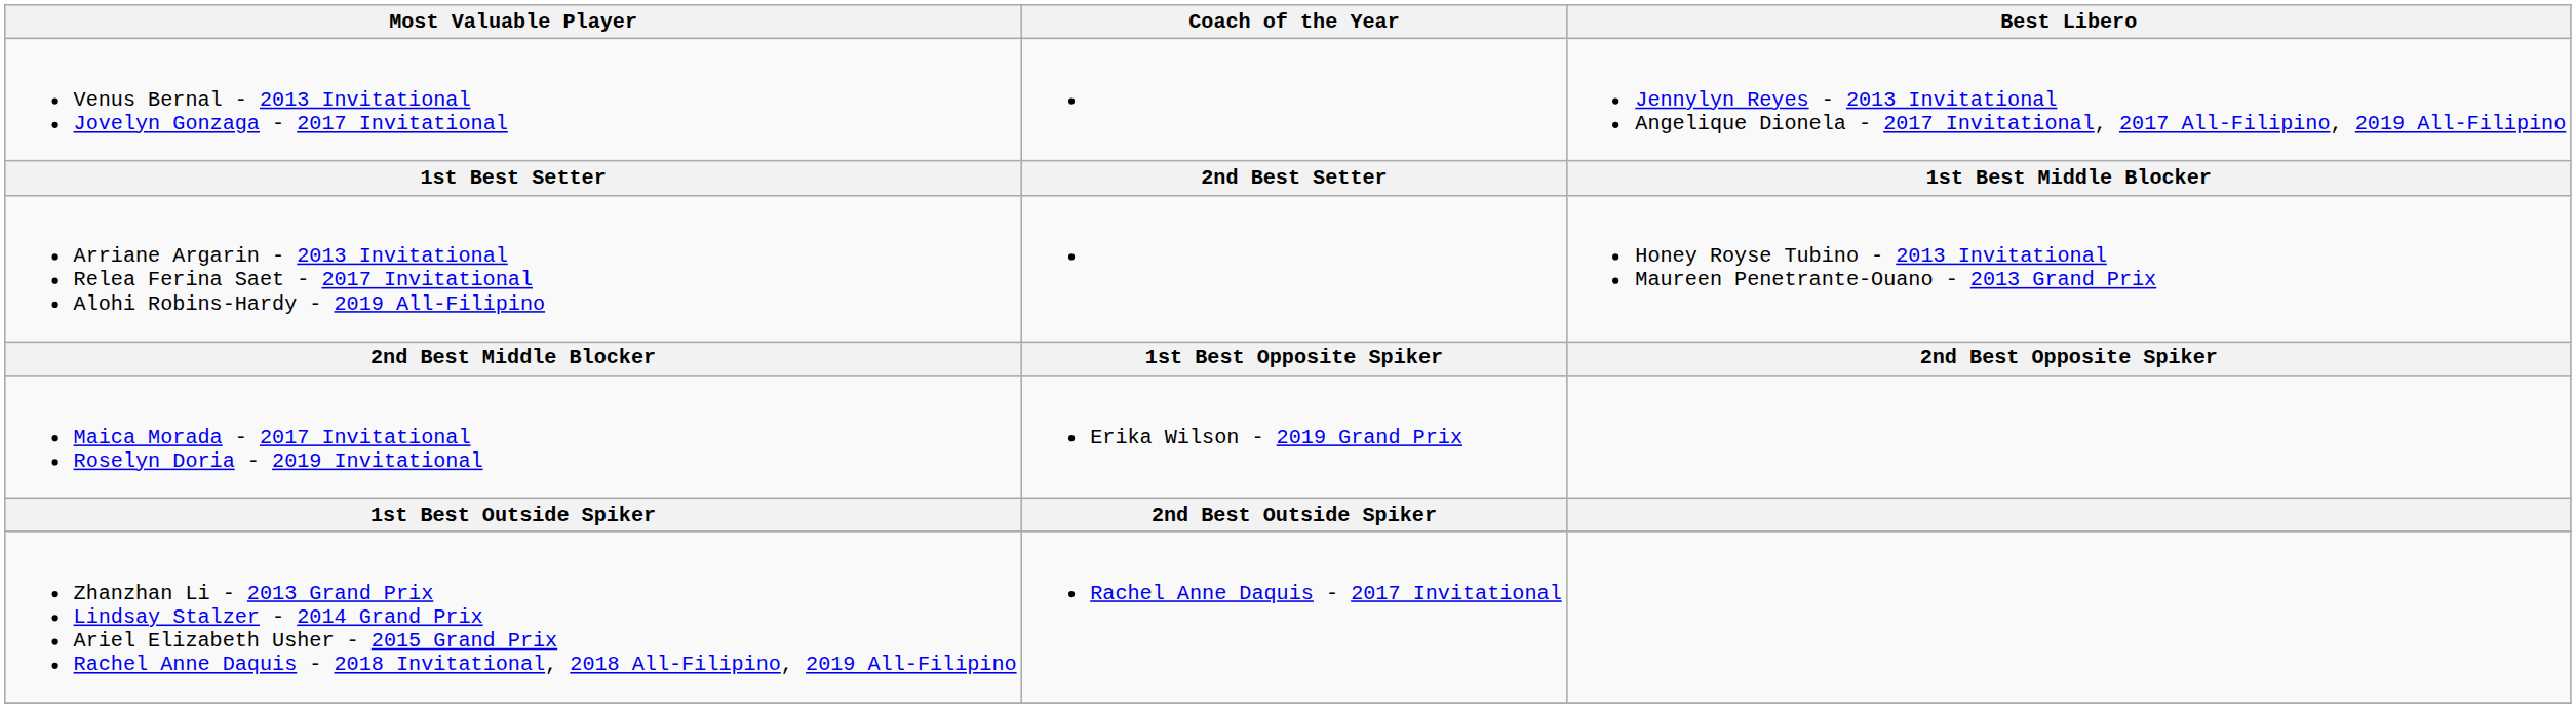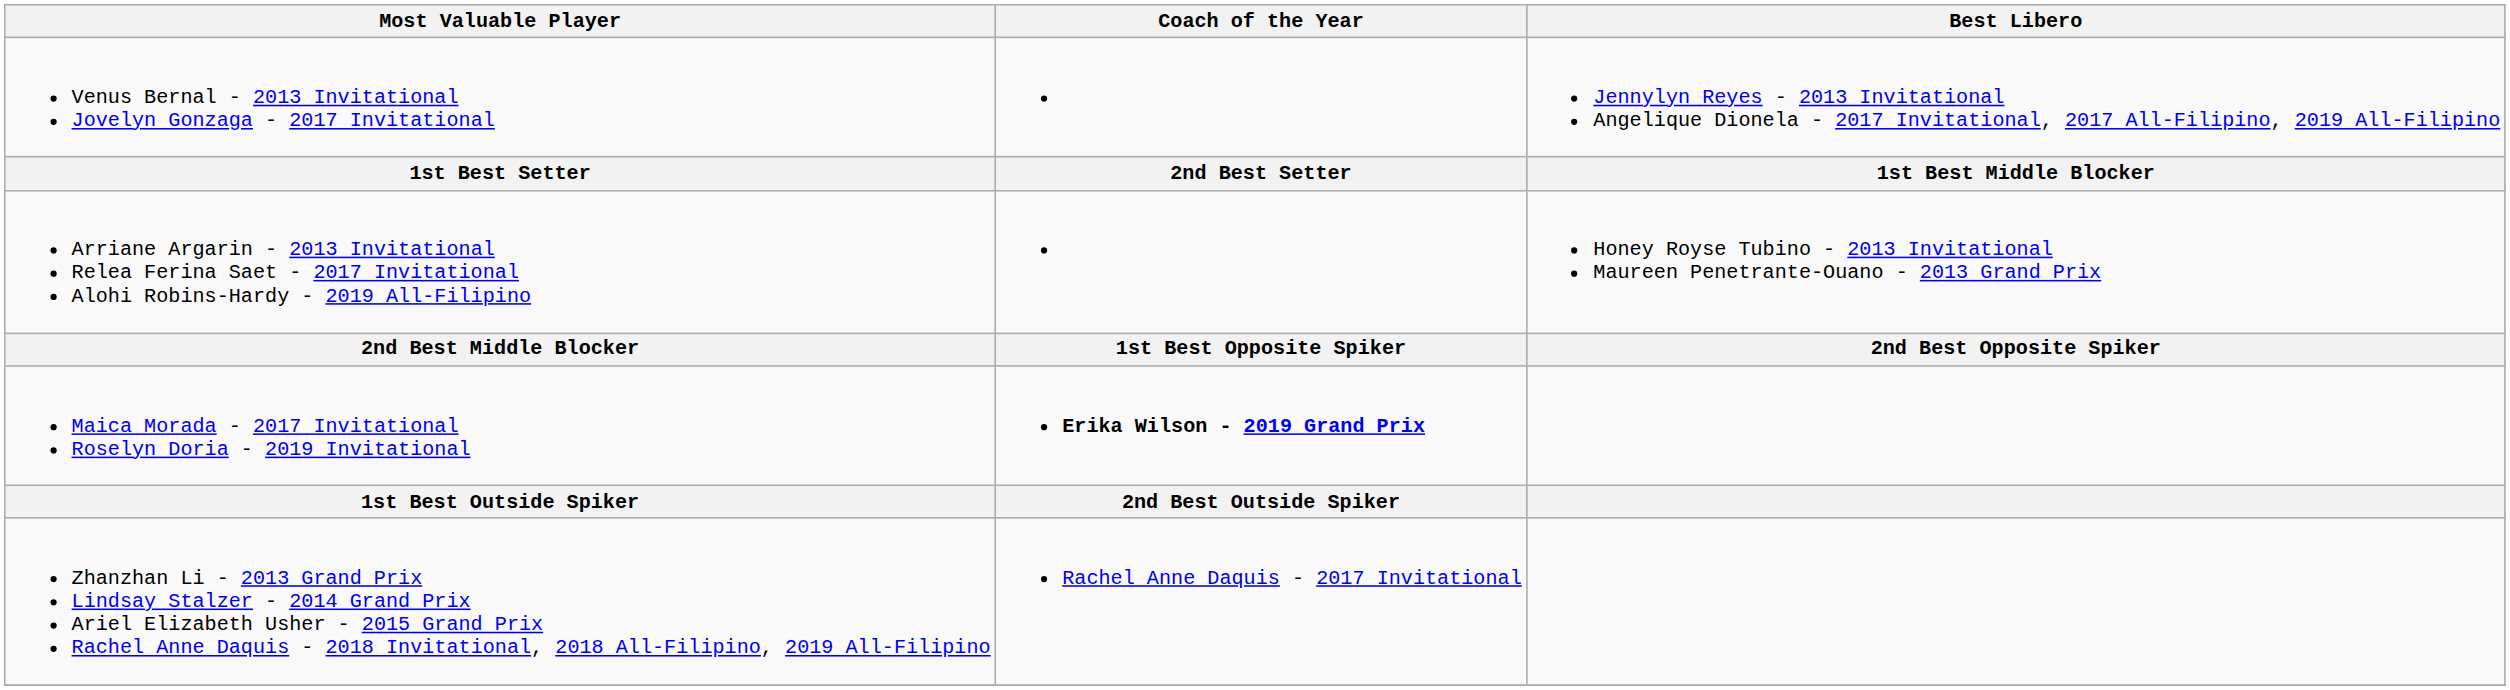 <table class=wikitable>
 <tr>
 <th>Most Valuable Player</th>
 <th>Coach of the Year</th>
 <th>Best Libero</th>
 </tr>
 <tr>
 <td valign="top"><br><ul><li> Venus Bernal - <a href='#'>2013 Invitational</a></li><li> <a href='#'>Jovelyn Gonzaga</a> - <a href='#'>2017 Invitational</a></li></ul></td>
 <td valign="top"><br><ul><li></li></ul></td>
 <td valign="top"><br><ul><li> <a href='#'>Jennylyn Reyes</a> - <a href='#'>2013 Invitational</a></li><li> Angelique Dionela - <a href='#'>2017 Invitational</a>, <a href='#'>2017 All-Filipino</a>, <a href='#'>2019 All-Filipino</a></li></ul></td>
 </tr>
 <tr>
 <th>1st Best Setter</th>
 <th>2nd Best Setter</th>
 <th>1st Best Middle Blocker</th>
 </tr>
 <tr>
 <td valign="top"><br><ul><li> Arriane Argarin - <a href='#'>2013 Invitational</a></li><li> Relea Ferina Saet - <a href='#'>2017 Invitational</a></li><li> Alohi Robins-Hardy - <a href='#'>2019 All-Filipino</a></li></ul></td>
 <td valign="top"><br><ul><li></li></ul></td>
 <td valign="top"><br><ul><li> Honey Royse Tubino - <a href='#'>2013 Invitational</a></li><li> Maureen Penetrante-Ouano - <a href='#'>2013 Grand Prix</a></li></ul></td>
 </tr>
 <tr>
 <th>2nd Best Middle Blocker</th>
 <th>1st Best Opposite Spiker</th>
 <th>2nd Best Opposite Spiker</th>
 </tr>
 <tr>
 <td valign="top"><br><ul><li> <a href='#'>Maica Morada</a> - <a href='#'>2017 Invitational</a></li><li> <a href='#'>Roselyn Doria</a> - <a href='#'>2019 Invitational</a></li></ul></td>
-<td valign="top"><br><ul><li> Erika Wilson - <a href='#'>2019 Grand Prix</a></li></ul></td>
+<td valign="top"><strong><br><ul><li> Erika Wilson - <a href='#'>2019 Grand Prix</a></li></ul></strong></td>
 <td valign="top"></td>
 </tr>
 <tr>
 <th>1st Best Outside Spiker</th>
 <th>2nd Best Outside Spiker</th>
 <th></th>
 </tr>
 <tr>
 <td valign="top"><br><ul><li> Zhanzhan Li - <a href='#'>2013 Grand Prix</a></li><li> <a href='#'>Lindsay Stalzer</a> - <a href='#'>2014 Grand Prix</a></li><li> Ariel Elizabeth Usher - <a href='#'>2015 Grand Prix</a></li><li> <a href='#'>Rachel Anne Daquis</a> - <a href='#'>2018 Invitational</a>, <a href='#'>2018 All-Filipino</a>, <a href='#'>2019 All-Filipino</a></li></ul></td>
 <td valign="top"><br><ul><li> <a href='#'>Rachel Anne Daquis</a> - <a href='#'>2017 Invitational</a></li></ul></td>
 <td valign="top"></td>
 </tr>
 <tr>
 </tr>
 </table>
